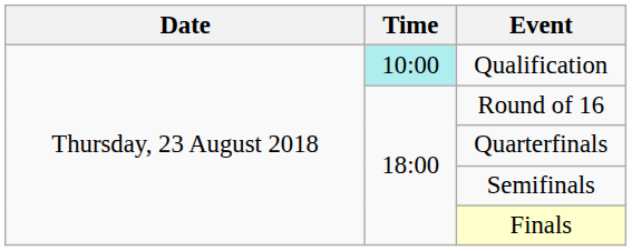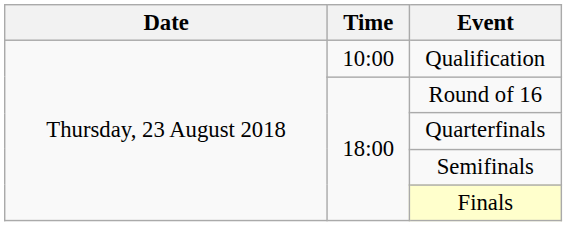 <table class = "wikitable" style="text-align:center;">
 <tr>
 <th width=220>Date</th>
 <th width=50>Time</th>
 <th width=100>Event</th>
 </tr>
 <tr>
 <td rowspan=5>Thursday, 23 August 2018</td>
-<td style="background: paleturquoise;">10:00</td>
+<td>10:00</td>
 <td>Qualification</td>
 </tr>
 <tr>
 <td rowspan=4>18:00</td>
 <td>Round of 16</td>
 </tr>
 <tr>
 <td>Quarterfinals</td>
 </tr>
 <tr>
 <td>Semifinals</td>
 </tr>
 <tr>
 <td bgcolor=ffffcc>Finals</td>
 </tr>
 </table>
